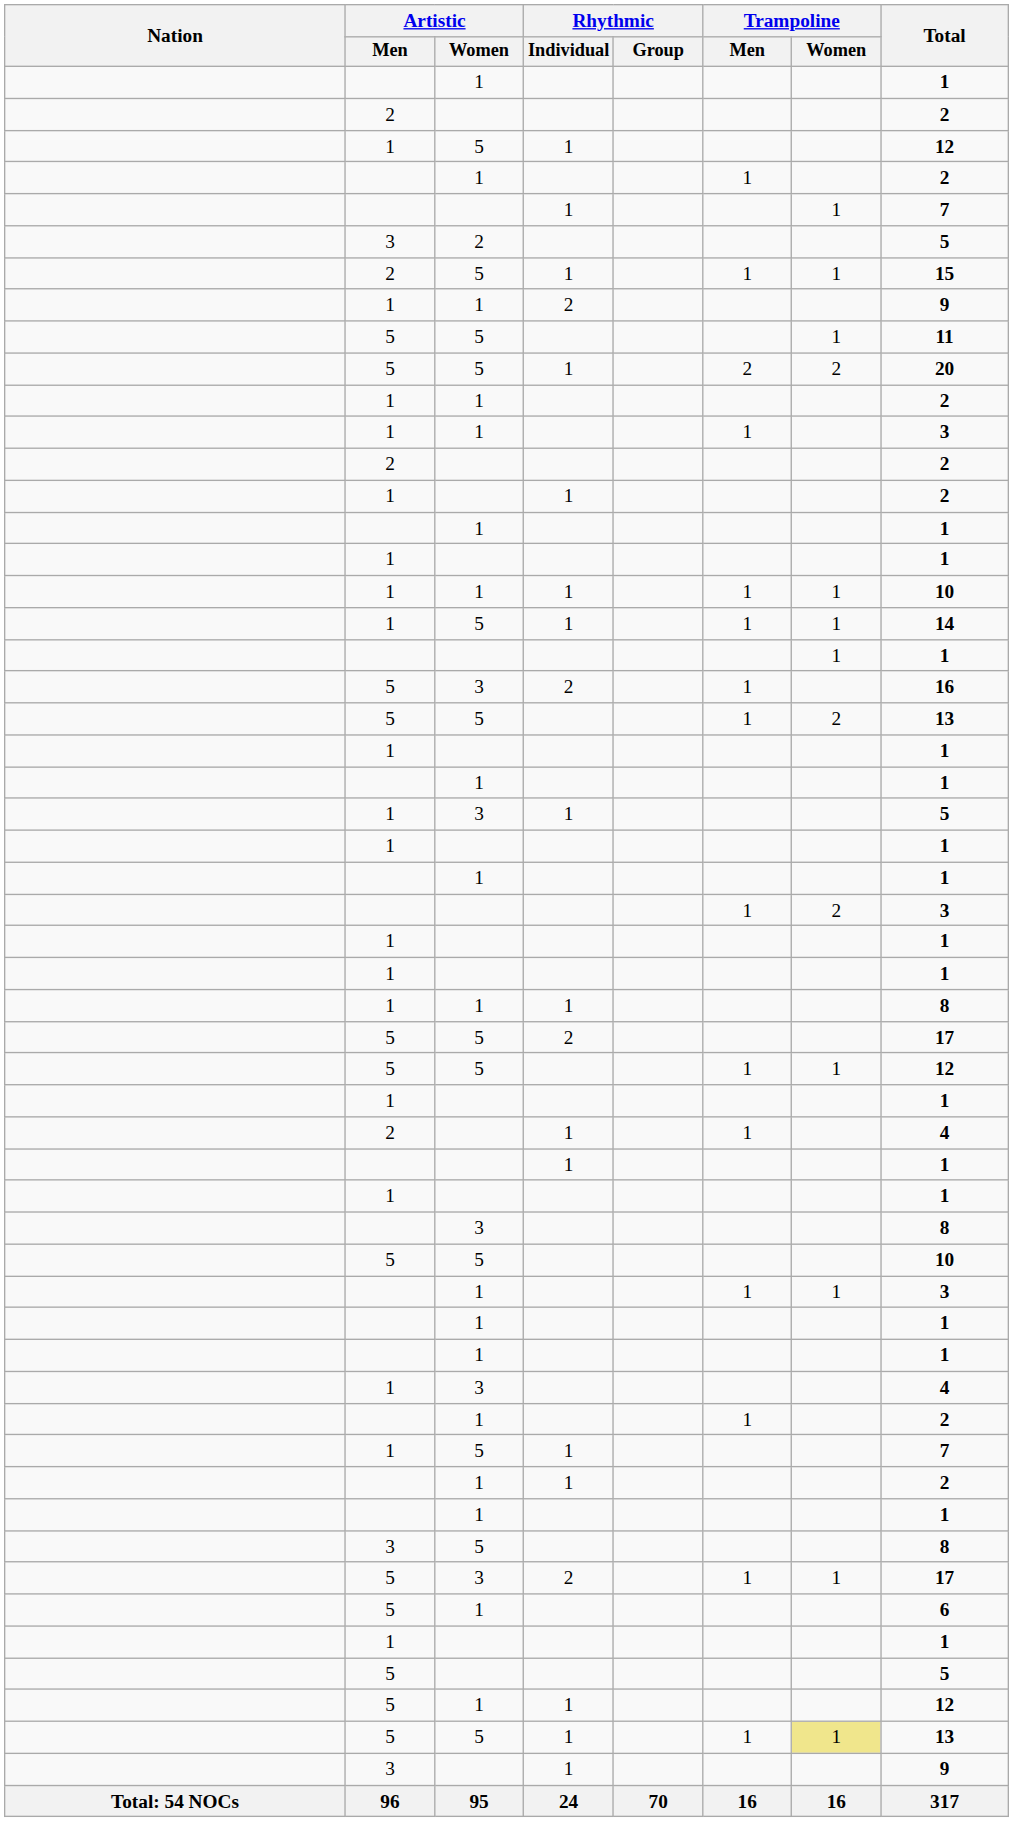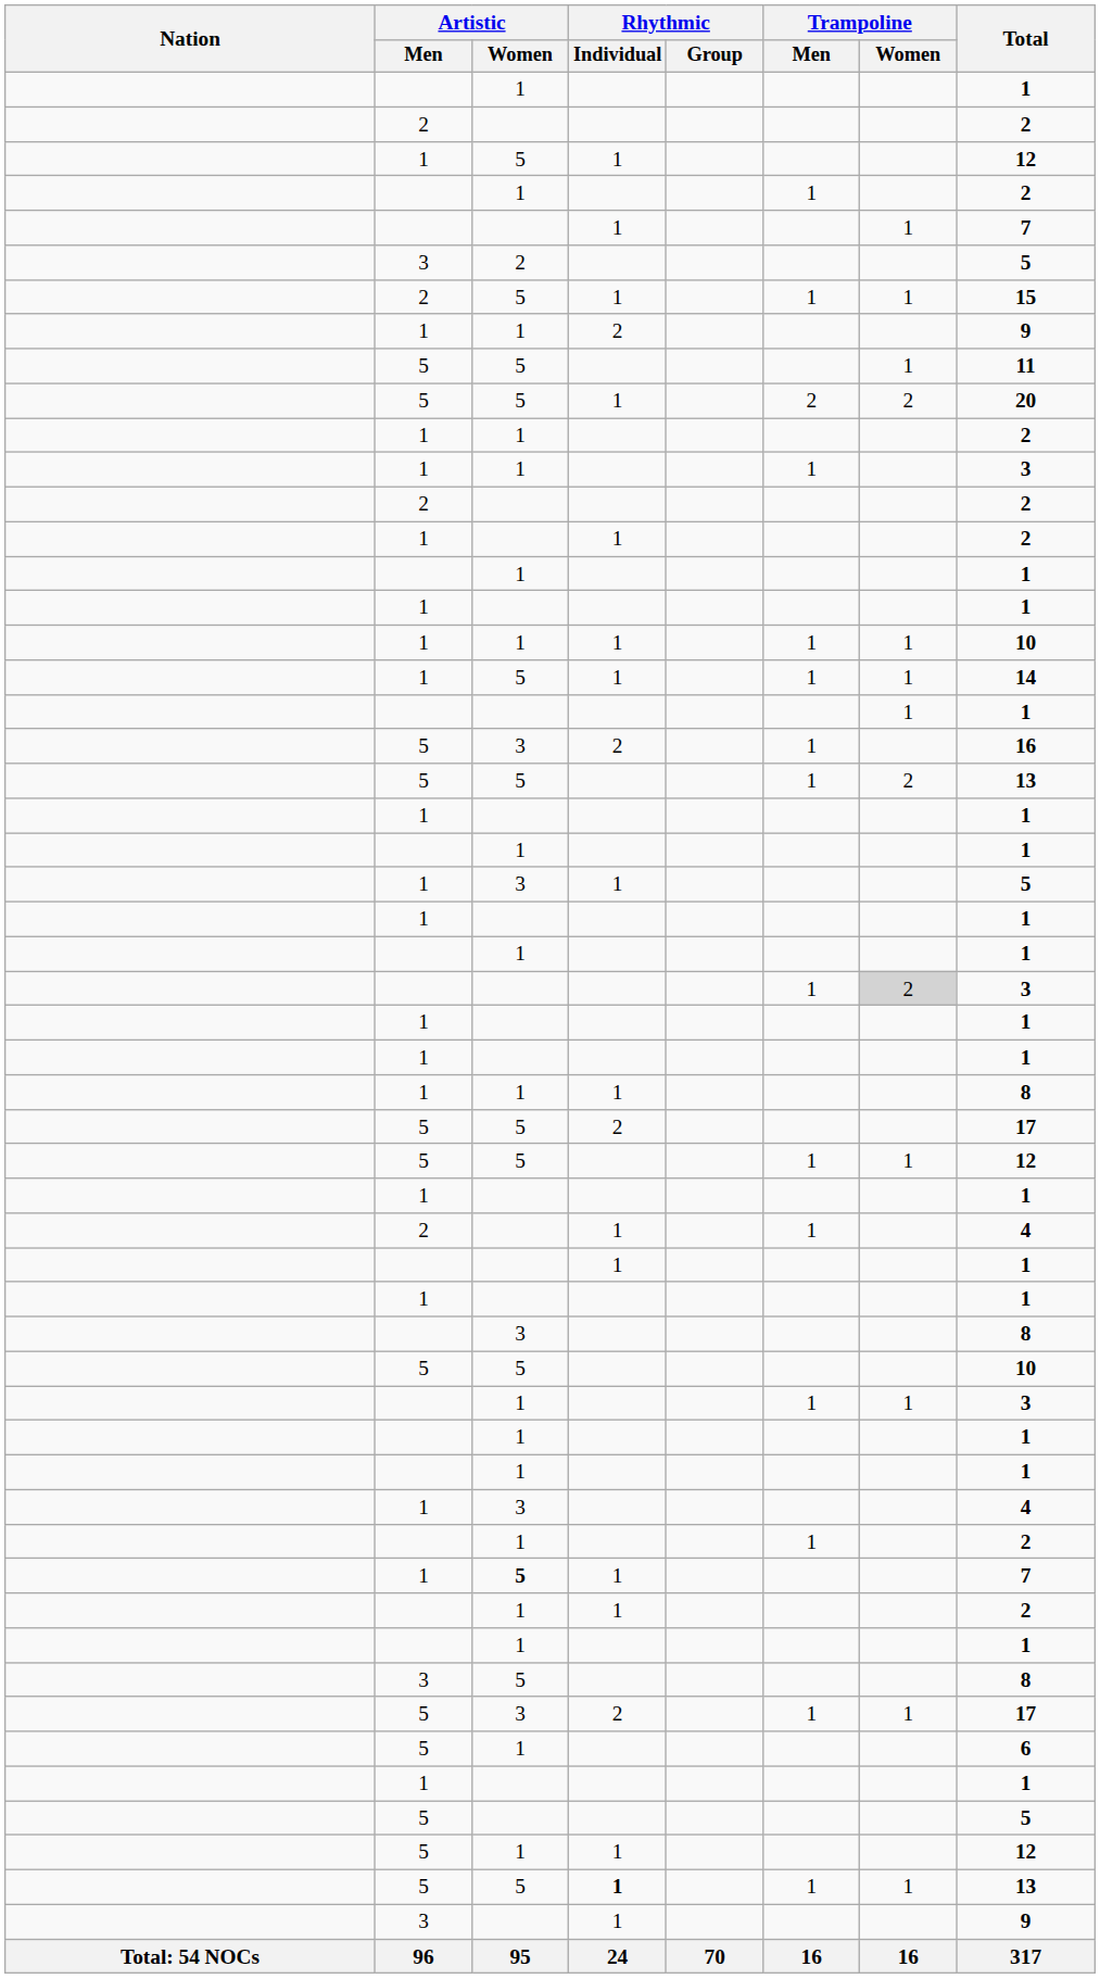 <table class="wikitable sortable"  style="width:750px; text-align:center; font-size:90%;">
 <tr>
 <th rowspan="2">Nation</th>
 <th colspan="2"><a href='#'>Artistic</a></th>
 <th colspan="2"><a href='#'>Rhythmic</a></th>
 <th colspan=2><a href='#'>Trampoline</a></th>
 <th rowspan="2">Total</th>
 </tr>
 <tr style="font-size:95%;">
 <th width=60>Men</th>
 <th width=60>Women</th>
 <th width=60>Individual</th>
 <th width=60>Group</th>
 <th width=60>Men</th>
 <th width=60>Women</th>
 </tr>
 <tr>
 <td align="left"></td>
 <td></td>
 <td>1</td>
 <td></td>
 <td></td>
 <td></td>
 <td></td>
 <td><strong>1</strong></td>
 </tr>
 <tr>
 <td align="left"></td>
 <td>2</td>
 <td></td>
 <td></td>
 <td></td>
 <td></td>
 <td></td>
 <td><strong>2</strong></td>
 </tr>
 <tr>
 <td align="left"></td>
 <td>1</td>
 <td>5</td>
 <td>1</td>
 <td></td>
 <td></td>
 <td></td>
 <td><strong>12</strong></td>
 </tr>
 <tr>
 <td align="left"></td>
 <td></td>
 <td>1</td>
 <td></td>
 <td></td>
 <td>1</td>
 <td></td>
 <td><strong>2</strong></td>
 </tr>
 <tr>
 <td align="left"></td>
 <td></td>
 <td></td>
 <td>1</td>
 <td></td>
 <td></td>
 <td>1</td>
 <td><strong>7</strong></td>
 </tr>
 <tr>
 <td align="left"></td>
 <td>3</td>
 <td>2</td>
 <td></td>
 <td></td>
 <td></td>
 <td></td>
 <td><strong>5</strong></td>
 </tr>
 <tr>
 <td align="left"></td>
 <td>2</td>
 <td>5</td>
 <td>1</td>
 <td></td>
 <td>1</td>
 <td>1</td>
 <td><strong>15</strong></td>
 </tr>
 <tr>
 <td align="left"></td>
 <td>1</td>
 <td>1</td>
 <td>2</td>
 <td></td>
 <td></td>
 <td></td>
 <td><strong>9</strong></td>
 </tr>
 <tr>
 <td align="left"></td>
 <td>5</td>
 <td>5</td>
 <td></td>
 <td></td>
 <td></td>
 <td>1</td>
 <td><strong>11</strong></td>
 </tr>
 <tr>
 <td align="left"></td>
 <td>5</td>
 <td>5</td>
 <td>1</td>
 <td></td>
 <td>2</td>
 <td>2</td>
 <td><strong>20</strong></td>
 </tr>
 <tr>
 <td align="left"></td>
 <td>1</td>
 <td>1</td>
 <td></td>
 <td></td>
 <td></td>
 <td></td>
 <td><strong>2</strong></td>
 </tr>
 <tr>
 <td align="left"></td>
 <td>1</td>
 <td>1</td>
 <td></td>
 <td></td>
 <td>1</td>
 <td></td>
 <td><strong>3</strong></td>
 </tr>
 <tr>
 <td align="left"></td>
 <td>2</td>
 <td></td>
 <td></td>
 <td></td>
 <td></td>
 <td></td>
 <td><strong>2</strong></td>
 </tr>
 <tr>
 <td align="left"></td>
 <td>1</td>
 <td></td>
 <td>1</td>
 <td></td>
 <td></td>
 <td></td>
 <td><strong>2</strong></td>
 </tr>
 <tr>
 <td align="left"></td>
 <td></td>
 <td>1</td>
 <td></td>
 <td></td>
 <td></td>
 <td></td>
 <td><strong>1</strong></td>
 </tr>
 <tr>
 <td align="left"></td>
 <td>1</td>
 <td></td>
 <td></td>
 <td></td>
 <td></td>
 <td></td>
 <td><strong>1</strong></td>
 </tr>
 <tr>
 <td align="left"></td>
 <td>1</td>
 <td>1</td>
 <td>1</td>
 <td></td>
 <td>1</td>
 <td>1</td>
 <td><strong>10</strong></td>
 </tr>
 <tr>
 <td align="left"></td>
 <td>1</td>
 <td>5</td>
 <td>1</td>
 <td></td>
 <td>1</td>
 <td>1</td>
 <td><strong>14</strong></td>
 </tr>
 <tr>
 <td align="left"></td>
 <td></td>
 <td></td>
 <td></td>
 <td></td>
 <td></td>
 <td>1</td>
 <td><strong>1</strong></td>
 </tr>
 <tr>
 <td align="left"></td>
 <td>5</td>
 <td>3</td>
 <td>2</td>
 <td></td>
 <td>1</td>
 <td></td>
 <td><strong>16</strong></td>
 </tr>
 <tr>
 <td align="left"></td>
 <td>5</td>
 <td>5</td>
 <td></td>
 <td></td>
 <td>1</td>
 <td>2</td>
 <td><strong>13</strong></td>
 </tr>
 <tr>
 <td align="left"></td>
 <td>1</td>
 <td></td>
 <td></td>
 <td></td>
 <td></td>
 <td></td>
 <td><strong>1</strong></td>
 </tr>
 <tr>
 <td align="left"></td>
 <td></td>
 <td>1</td>
 <td></td>
 <td></td>
 <td></td>
 <td></td>
 <td><strong>1</strong></td>
 </tr>
 <tr>
 <td align="left"></td>
 <td>1</td>
 <td>3</td>
 <td>1</td>
 <td></td>
 <td></td>
 <td></td>
 <td><strong>5</strong></td>
 </tr>
 <tr>
 <td align="left"></td>
 <td>1</td>
 <td></td>
 <td></td>
 <td></td>
 <td></td>
 <td></td>
 <td><strong>1</strong></td>
 </tr>
 <tr>
 <td align="left"></td>
 <td></td>
 <td>1</td>
 <td></td>
 <td></td>
 <td></td>
 <td></td>
 <td><strong>1</strong></td>
 </tr>
 <tr>
 <td align="left"></td>
 <td></td>
 <td></td>
 <td></td>
 <td></td>
 <td>1</td>
-<td>2</td>
+<td style="background: lightgrey;">2</td>
 <td><strong>3</strong></td>
 </tr>
 <tr>
 <td align="left"></td>
 <td>1</td>
 <td></td>
 <td></td>
 <td></td>
 <td></td>
 <td></td>
 <td><strong>1</strong></td>
 </tr>
 <tr>
 <td align="left"></td>
 <td>1</td>
 <td></td>
 <td></td>
 <td></td>
 <td></td>
 <td></td>
 <td><strong>1</strong></td>
 </tr>
 <tr>
 <td align="left"></td>
 <td>1</td>
 <td>1</td>
 <td>1</td>
 <td></td>
 <td></td>
 <td></td>
 <td><strong>8</strong></td>
 </tr>
 <tr>
 <td align="left"></td>
 <td>5</td>
 <td>5</td>
 <td>2</td>
 <td></td>
 <td></td>
 <td></td>
 <td><strong>17</strong></td>
 </tr>
 <tr>
 <td align="left"></td>
 <td>5</td>
 <td>5</td>
 <td></td>
 <td></td>
 <td>1</td>
 <td>1</td>
 <td><strong>12</strong></td>
 </tr>
 <tr>
 <td align="left"></td>
 <td>1</td>
 <td></td>
 <td></td>
 <td></td>
 <td></td>
 <td></td>
 <td><strong>1</strong></td>
 </tr>
 <tr>
 <td align="left"></td>
 <td>2</td>
 <td></td>
 <td>1</td>
 <td></td>
 <td>1</td>
 <td></td>
 <td><strong>4</strong></td>
 </tr>
 <tr>
 <td align="left"></td>
 <td></td>
 <td></td>
 <td>1</td>
 <td></td>
 <td></td>
 <td></td>
 <td><strong>1</strong></td>
 </tr>
 <tr>
 <td align="left"></td>
 <td>1</td>
 <td></td>
 <td></td>
 <td></td>
 <td></td>
 <td></td>
 <td><strong>1</strong></td>
 </tr>
 <tr>
 <td align="left"></td>
 <td></td>
 <td>3</td>
 <td></td>
 <td></td>
 <td></td>
 <td></td>
 <td><strong>8</strong></td>
 </tr>
 <tr>
 <td align="left"></td>
 <td>5</td>
 <td>5</td>
 <td></td>
 <td></td>
 <td></td>
 <td></td>
 <td><strong>10</strong></td>
 </tr>
 <tr>
 <td align="left"></td>
 <td></td>
 <td>1</td>
 <td></td>
 <td></td>
 <td>1</td>
 <td>1</td>
 <td><strong>3</strong></td>
 </tr>
 <tr>
 <td align="left"></td>
 <td></td>
 <td>1</td>
 <td></td>
 <td></td>
 <td></td>
 <td></td>
 <td><strong>1</strong></td>
 </tr>
 <tr>
 <td align="left"></td>
 <td></td>
 <td>1</td>
 <td></td>
 <td></td>
 <td></td>
 <td></td>
 <td><strong>1</strong></td>
 </tr>
 <tr>
 <td align="left"></td>
 <td>1</td>
 <td>3</td>
 <td></td>
 <td></td>
 <td></td>
 <td></td>
 <td><strong>4</strong></td>
 </tr>
 <tr>
 <td align="left"></td>
 <td></td>
 <td>1</td>
 <td></td>
 <td></td>
 <td>1</td>
 <td></td>
 <td><strong>2</strong></td>
 </tr>
 <tr>
 <td align="left"></td>
 <td>1</td>
-<td>5</td>
+<td><strong>5</strong></td>
 <td>1</td>
 <td></td>
 <td></td>
 <td></td>
 <td><strong>7</strong></td>
 </tr>
 <tr>
 <td align="left"></td>
 <td></td>
 <td>1</td>
 <td>1</td>
 <td></td>
 <td></td>
 <td></td>
 <td><strong>2</strong></td>
 </tr>
 <tr>
 <td align="left"></td>
 <td></td>
 <td>1</td>
 <td></td>
 <td></td>
 <td></td>
 <td></td>
 <td><strong>1</strong></td>
 </tr>
 <tr>
 <td align="left"></td>
 <td>3</td>
 <td>5</td>
 <td></td>
 <td></td>
 <td></td>
 <td></td>
 <td><strong>8</strong></td>
 </tr>
 <tr>
 <td align="left"></td>
 <td>5</td>
 <td>3</td>
 <td>2</td>
 <td></td>
 <td>1</td>
 <td>1</td>
 <td><strong>17</strong></td>
 </tr>
 <tr>
 <td align="left"></td>
 <td>5</td>
 <td>1</td>
 <td></td>
 <td></td>
 <td></td>
 <td></td>
 <td><strong>6</strong></td>
 </tr>
 <tr>
 <td align="left"></td>
 <td>1</td>
 <td></td>
 <td></td>
 <td></td>
 <td></td>
 <td></td>
 <td><strong>1</strong></td>
 </tr>
 <tr>
 <td align="left"></td>
 <td>5</td>
 <td></td>
 <td></td>
 <td></td>
 <td></td>
 <td></td>
 <td><strong>5</strong></td>
 </tr>
 <tr>
 <td align="left"></td>
 <td>5</td>
 <td>1</td>
 <td>1</td>
 <td></td>
 <td></td>
 <td></td>
 <td><strong>12</strong></td>
 </tr>
 <tr>
 <td align="left"></td>
 <td>5</td>
 <td>5</td>
-<td>1</td>
+<td><strong>1</strong></td>
 <td></td>
 <td>1</td>
-<td style="background: khaki;">1</td>
+<td>1</td>
 <td><strong>13</strong></td>
 </tr>
 <tr>
 <td align="left"></td>
 <td>3</td>
 <td></td>
 <td>1</td>
 <td></td>
 <td></td>
 <td></td>
 <td><strong>9</strong></td>
 </tr>
 <tr>
 <th>Total: 54 NOCs</th>
 <th>96</th>
 <th>95</th>
 <th>24</th>
 <th>70</th>
 <th>16</th>
 <th>16</th>
 <th>317</th>
 </tr>
 </table>
